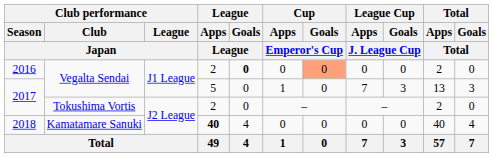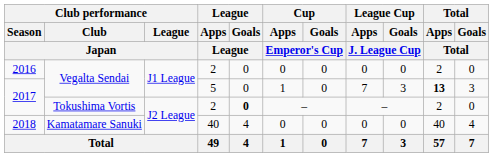 <table class="wikitable" style="text-align:center;">
 <tr>
 <th colspan=3>Club performance</th>
 <th colspan=2>League</th>
 <th colspan=2>Cup</th>
 <th colspan=2>League Cup</th>
 <th colspan=2>Total</th>
 </tr>
 <tr>
 <th>Season</th>
 <th>Club</th>
 <th>League</th>
 <th>Apps</th>
 <th>Goals</th>
 <th>Apps</th>
 <th>Goals</th>
 <th>Apps</th>
 <th>Goals</th>
 <th>Apps</th>
 <th>Goals</th>
 </tr>
 <tr>
 <th colspan=3>Japan</th>
 <th colspan=2>League</th>
 <th colspan=2><a href='#'>Emperor's Cup</a></th>
 <th colspan=2><a href='#'>J. League Cup</a></th>
 <th colspan=2>Total</th>
 </tr>
 <tr>
 <td><a href='#'>2016</a></td>
 <td rowspan="2"><a href='#'>Vegalta Sendai</a></td>
 <td rowspan="2"><a href='#'>J1 League</a></td>
 <td>2</td>
-<td><strong>0</strong></td>
 <td>0</td>
-<td style="background: lightsalmon;">0</td>
+<td>0</td>
+<td>0</td>
 <td>0</td>
 <td>0</td>
 <td>2</td>
 <td>0</td>
 </tr>
 <tr>
 <td rowspan="2"><a href='#'>2017</a></td>
 <td>5</td>
 <td>0</td>
 <td>1</td>
 <td>0</td>
 <td>7</td>
 <td>3</td>
-<td>13</td>
+<td><strong>13</strong></td>
 <td>3</td>
 </tr>
 <tr>
 <td><a href='#'>Tokushima Vortis</a></td>
 <td rowspan="2"><a href='#'>J2 League</a></td>
 <td>2</td>
-<td>0</td>
+<td><strong>0</strong></td>
 <td colspan="2">–</td>
 <td colspan="2">–</td>
 <td>2</td>
 <td>0</td>
 </tr>
 <tr>
 <td><a href='#'>2018</a></td>
 <td><a href='#'>Kamatamare Sanuki</a></td>
-<td><strong>40</strong></td>
+<td>40</td>
 <td>4</td>
 <td>0</td>
 <td>0</td>
 <td>0</td>
 <td>0</td>
 <td>40</td>
 <td>4</td>
 </tr>
 <tr>
 <th colspan=3>Total</th>
 <th>49</th>
 <th>4</th>
 <th>1</th>
 <th>0</th>
 <th>7</th>
 <th>3</th>
 <th>57</th>
 <th>7</th>
 </tr>
 </table>
